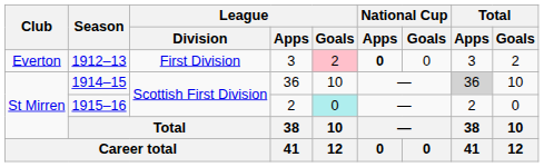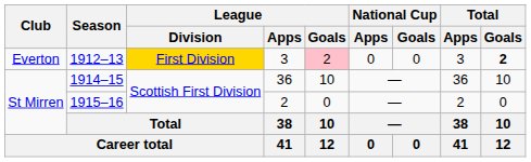 <table class="wikitable" style="text-align: center;">
 <tr>
 <th rowspan="2">Club</th>
 <th rowspan="2">Season</th>
 <th colspan="3">League</th>
 <th colspan="2">National Cup</th>
 <th colspan="2">Total</th>
 </tr>
 <tr>
 <th>Division</th>
 <th>Apps</th>
 <th>Goals</th>
 <th>Apps</th>
 <th>Goals</th>
 <th>Apps</th>
 <th>Goals</th>
 </tr>
 <tr>
 <td><a href='#'>Everton</a></td>
 <td><a href='#'>1912–13</a></td>
-<td><a href='#'>First Division</a></td>
+<td style="background: gold;"><a href='#'>First Division</a></td>
 <td>3</td>
 <td style="background: pink;">2</td>
-<td><strong>0</strong></td>
+<td>0</td>
 <td>0</td>
 <td>3</td>
-<td>2</td>
+<td><strong>2</strong></td>
 </tr>
 <tr>
 <td rowspan="3"><a href='#'>St Mirren</a></td>
 <td><a href='#'>1914–15</a></td>
 <td rowspan="2"><a href='#'>Scottish First Division</a></td>
 <td>36</td>
 <td>10</td>
 <td colspan="2">—</td>
-<td style="background: lightgrey;">36</td>
+<td>36</td>
 <td>10</td>
 </tr>
 <tr>
 <td><a href='#'>1915–16</a></td>
 <td>2</td>
-<td style="background: paleturquoise;">0</td>
+<td>0</td>
 <td colspan="2">—</td>
 <td>2</td>
 <td>0</td>
 </tr>
 <tr>
 <th colspan="2">Total</th>
 <th>38</th>
 <th>10</th>
 <th colspan="2">—</th>
 <th>38</th>
 <th>10</th>
 </tr>
 <tr>
 <th colspan="3">Career total</th>
 <th>41</th>
 <th>12</th>
 <th>0</th>
 <th>0</th>
 <th>41</th>
 <th>12</th>
 </tr>
 </table>
